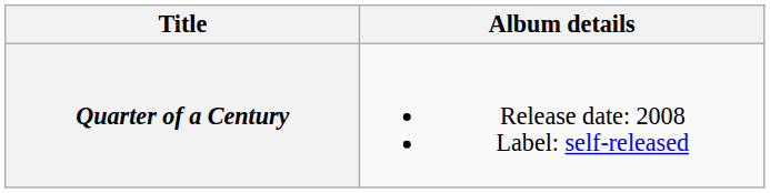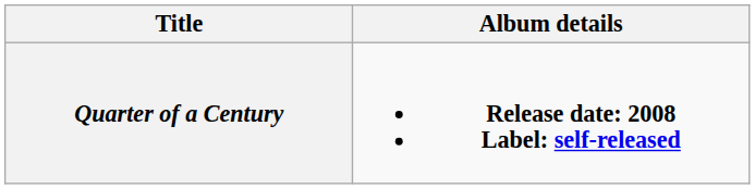 <table class="wikitable plainrowheaders" style="text-align:center;">
 <tr>
 <th style="width:14em;">Title</th>
 <th style="width:16em;">Album details</th>
 </tr>
 <tr>
 <th scope="row"><em>Quarter of a Century</em></th>
-<td><br><ul><li>Release date: 2008</li><li>Label: <a href='#'>self-released</a></li></ul></td>
+<td><strong><br><ul><li>Release date: 2008</li><li>Label: <a href='#'>self-released</a></li></ul></strong></td>
 </tr>
 </table>
